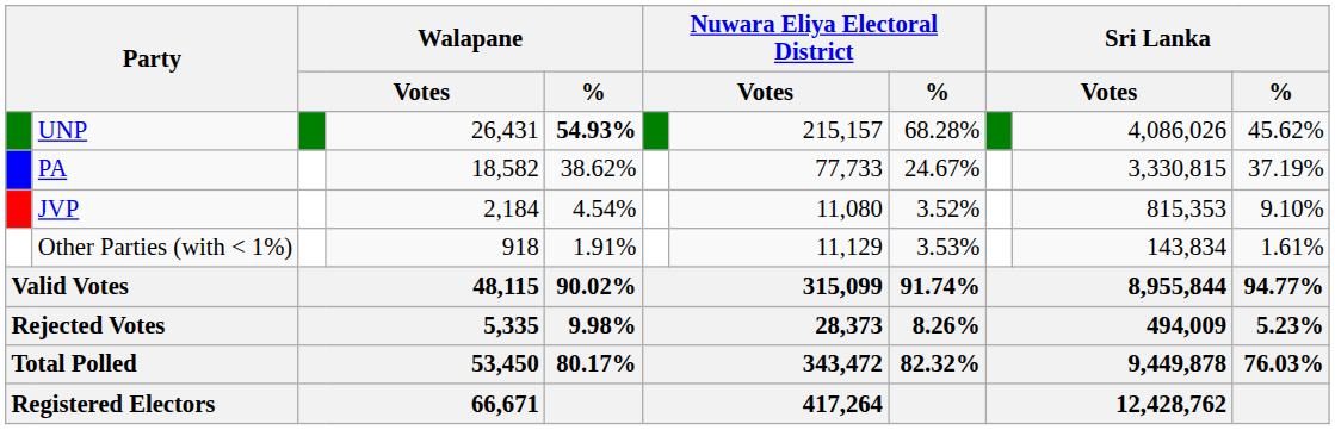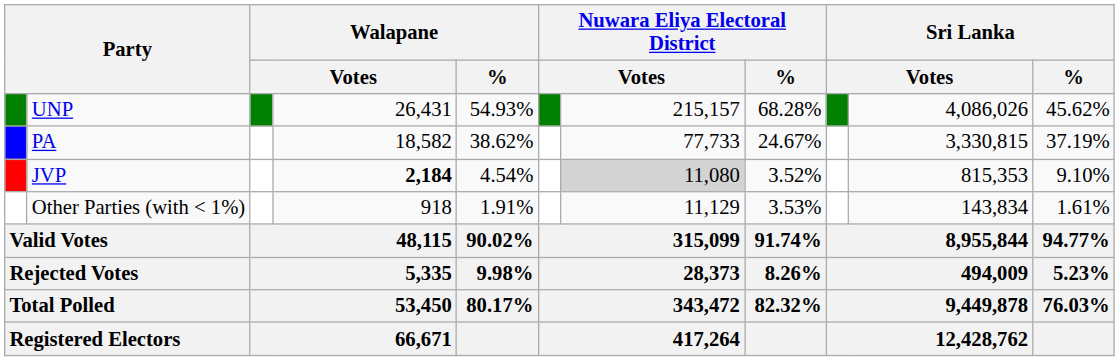 <table class="wikitable">
 <tr>
 <th colspan="2" width="144px"rowspan="2">Party</th>
 <th colspan="3" width="216px">Walapane</th>
 <th colspan="3" width="216px"><a href='#'>Nuwara Eliya Electoral District</a></th>
 <th colspan="3" width="216px">Sri Lanka</th>
 </tr>
 <tr>
 <th colspan="2" width="144px">Votes</th>
 <th>%</th>
 <th colspan="2" width="144px">Votes</th>
 <th>%</th>
 <th colspan="2" width="144px">Votes</th>
 <th>%</th>
 </tr>
 <tr>
 <td style="background-color:green;" width="10px"></td>
 <td style="text-align:left;"><a href='#'>UNP</a></td>
 <td style="background-color:green;" width="10px"></td>
 <td style="text-align:right;">26,431</td>
-<td style="text-align:right;"><strong>54.93%</strong></td>
+<td style="text-align:right;">54.93%</td>
 <td style="background-color:green;" width="10px"></td>
 <td style="text-align:right;">215,157</td>
 <td style="text-align:right;">68.28%</td>
 <td style="background-color:green;" width="10px"></td>
 <td style="text-align:right;">4,086,026</td>
 <td style="text-align:right;">45.62%</td>
 </tr>
 <tr>
 <td style="background-color:blue;" width="10px"></td>
 <td style="text-align:left;"><a href='#'>PA</a></td>
 <td style="background-color:white;" width="10px"></td>
 <td style="text-align:right;">18,582</td>
 <td style="text-align:right;">38.62%</td>
 <td style="background-color:white;" width="10px"></td>
 <td style="text-align:right;">77,733</td>
 <td style="text-align:right;">24.67%</td>
 <td style="background-color:white;" width="10px"></td>
 <td style="text-align:right;">3,330,815</td>
 <td style="text-align:right;">37.19%</td>
 </tr>
 <tr>
 <td style="background-color:red;" width="10px"></td>
 <td style="text-align:left;"><a href='#'>JVP</a></td>
 <td style="background-color:white;" width="10px"></td>
-<td style="text-align:right;">2,184</td>
+<td style="text-align:right;"><strong>2,184</strong></td>
 <td style="text-align:right;">4.54%</td>
 <td style="background-color:white;" width="10px"></td>
-<td style="text-align:right;">11,080</td>
+<td style="background: lightgrey; text-align:right;">11,080</td>
 <td style="text-align:right;">3.52%</td>
 <td style="background-color:white;" width="10px"></td>
 <td style="text-align:right;">815,353</td>
 <td style="text-align:right;">9.10%</td>
 </tr>
 <tr>
 <td style="background-color:white;" width="10px"></td>
 <td style="text-align:left;">Other Parties (with < 1%)</td>
 <td style="background-color:white;" width="10px"></td>
 <td style="text-align:right;">918</td>
 <td style="text-align:right;">1.91%</td>
 <td style="background-color:white;" width="10px"></td>
 <td style="text-align:right;">11,129</td>
 <td style="text-align:right;">3.53%</td>
 <td style="background-color:white;" width="10px"></td>
 <td style="text-align:right;">143,834</td>
 <td style="text-align:right;">1.61%</td>
 </tr>
 <tr>
 <th colspan="2" width="144px"style="text-align:left;">Valid Votes</th>
 <th style="text-align:right;"colspan="2" width="144px">48,115</th>
 <th style="text-align:right;">90.02%</th>
 <th style="text-align:right;"colspan="2" width="144px">315,099</th>
 <th style="text-align:right;">91.74%</th>
 <th style="text-align:right;"colspan="2" width="144px">8,955,844</th>
 <th style="text-align:right;">94.77%</th>
 </tr>
 <tr>
 <th colspan="2" width="144px"style="text-align:left;">Rejected Votes</th>
 <th style="text-align:right;"colspan="2" width="144px">5,335</th>
 <th style="text-align:right;">9.98%</th>
 <th style="text-align:right;"colspan="2" width="144px">28,373</th>
 <th style="text-align:right;">8.26%</th>
 <th style="text-align:right;"colspan="2" width="144px">494,009</th>
 <th style="text-align:right;">5.23%</th>
 </tr>
 <tr>
 <th colspan="2" width="144px"style="text-align:left;">Total Polled</th>
 <th style="text-align:right;"colspan="2" width="144px">53,450</th>
 <th style="text-align:right;">80.17%</th>
 <th style="text-align:right;"colspan="2" width="144px">343,472</th>
 <th style="text-align:right;">82.32%</th>
 <th style="text-align:right;"colspan="2" width="144px">9,449,878</th>
 <th style="text-align:right;">76.03%</th>
 </tr>
 <tr>
 <th colspan="2" width="144px"style="text-align:left;">Registered Electors</th>
 <th style="text-align:right;"colspan="2" width="144px">66,671</th>
 <th></th>
 <th style="text-align:right;"colspan="2" width="144px">417,264</th>
 <th></th>
 <th style="text-align:right;"colspan="2" width="144px">12,428,762</th>
 <th></th>
 </tr>
 </table>
